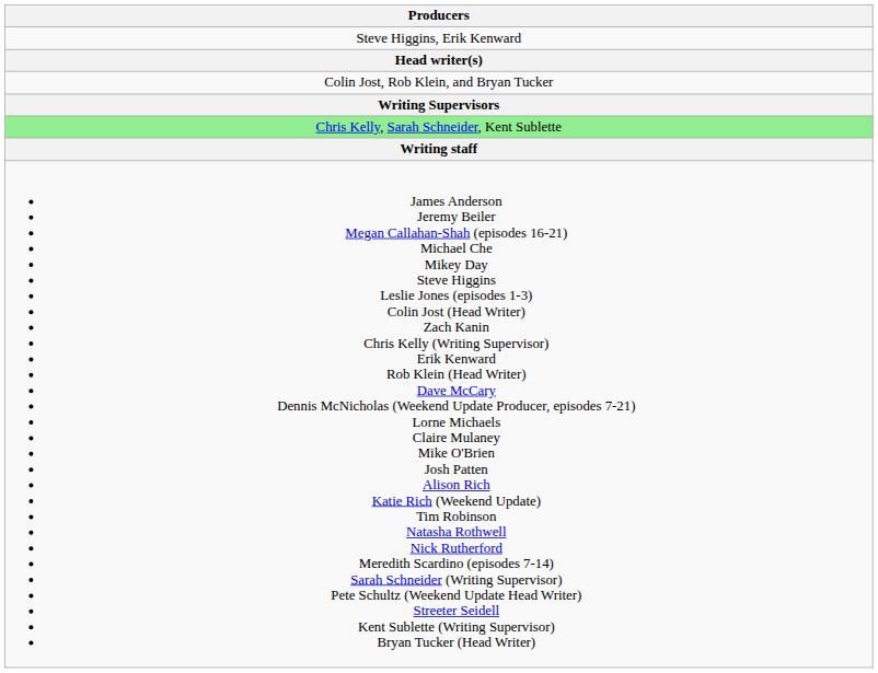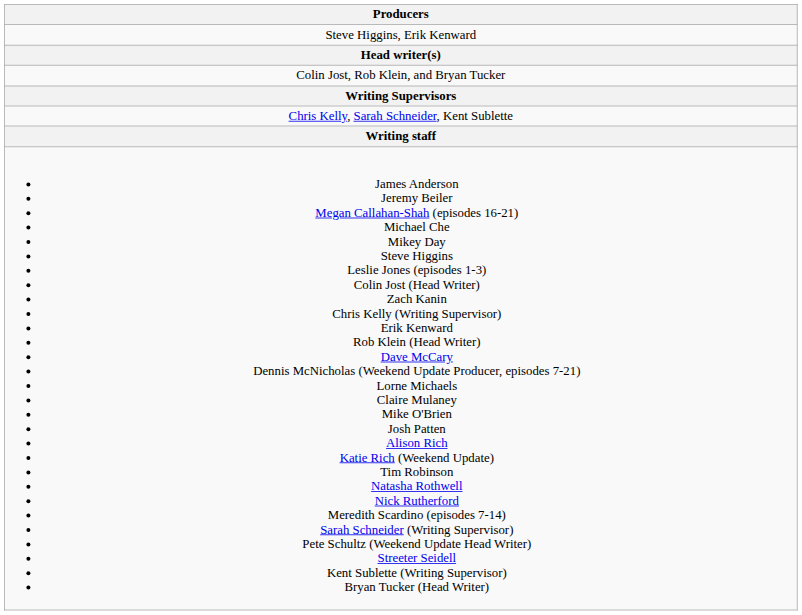 <table class="wikitable plainrowheaders"  style="text-align:center; width:50%;">
 <tr>
 <th><strong>Producers</strong></th>
 </tr>
 <tr>
 <td>Steve Higgins, Erik Kenward</td>
 </tr>
 <tr>
 <th><strong>Head writer(s)</strong></th>
 </tr>
 <tr>
 <td>Colin Jost, Rob Klein, and Bryan Tucker</td>
 </tr>
 <tr>
 <th><strong>Writing Supervisors</strong></th>
 </tr>
 <tr>
-<td style="background: lightgreen;"><a href='#'>Chris Kelly</a>, <a href='#'>Sarah Schneider</a>, Kent Sublette</td>
+<td><a href='#'>Chris Kelly</a>, <a href='#'>Sarah Schneider</a>, Kent Sublette</td>
 </tr>
 <tr>
 <th><strong>Writing staff</strong></th>
 </tr>
 <tr>
 <td><br><ul><li>James Anderson</li><li>Jeremy Beiler</li><li><a href='#'>Megan Callahan-Shah</a> (episodes 16-21)</li><li>Michael Che</li><li>Mikey Day</li><li>Steve Higgins</li><li>Leslie Jones (episodes 1-3)</li><li>Colin Jost (Head Writer)</li><li>Zach Kanin</li><li>Chris Kelly (Writing Supervisor)</li><li>Erik Kenward</li><li>Rob Klein (Head Writer)</li><li><a href='#'>Dave McCary</a></li><li>Dennis McNicholas (Weekend Update Producer, episodes 7-21)</li><li>Lorne Michaels</li><li>Claire Mulaney</li><li>Mike O'Brien</li><li>Josh Patten</li><li><a href='#'>Alison Rich</a></li><li><a href='#'>Katie Rich</a> (Weekend Update)</li><li>Tim Robinson</li><li><a href='#'>Natasha Rothwell</a></li><li><a href='#'>Nick Rutherford</a></li><li>Meredith Scardino (episodes 7-14)</li><li><a href='#'>Sarah Schneider</a> (Writing Supervisor)</li><li>Pete Schultz (Weekend Update Head Writer)</li><li><a href='#'>Streeter Seidell</a></li><li>Kent Sublette (Writing Supervisor)</li><li>Bryan Tucker (Head Writer)</li></ul></td>
 </tr>
 </table>
